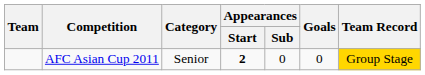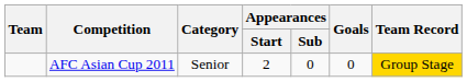 <table class="wikitable" style="font-size:90%; text-align: center;">
 <tr>
 <th rowspan="2">Team</th>
 <th rowspan="2">Competition</th>
 <th rowspan="2">Category</th>
 <th colspan="2">Appearances</th>
 <th rowspan="2">Goals</th>
 <th rowspan="2">Team Record</th>
 </tr>
 <tr>
 <th>Start</th>
 <th>Sub</th>
 </tr>
 <tr>
 <td align="left"></td>
 <td align="left"><a href='#'>AFC Asian Cup 2011</a></td>
 <td>Senior</td>
-<td><strong>2</strong></td>
+<td>2</td>
 <td>0</td>
 <td>0</td>
 <td style="background: gold;">Group Stage</td>
 </tr>
 </table>
